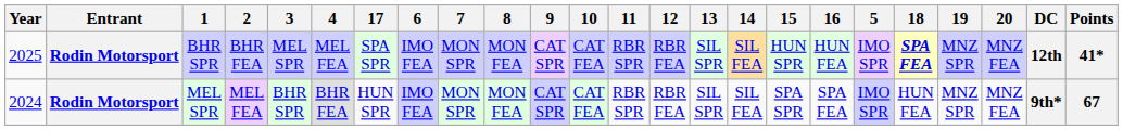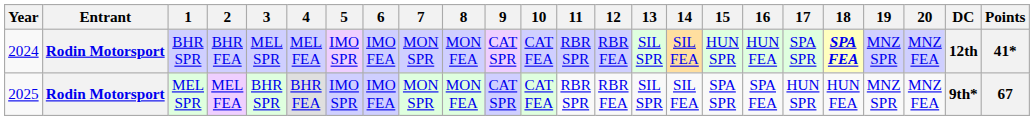 <table class="wikitable" style="text-align:center; font-size:85%;">
 <tr>
 <th>Year</th>
 <th>Entrant</th>
 <th>1</th>
 <th>2</th>
 <th>3</th>
 <th>4</th>
-<th>17</th>
+<th>5</th>
 <th>6</th>
 <th>7</th>
 <th>8</th>
 <th>9</th>
 <th>10</th>
 <th>11</th>
 <th>12</th>
 <th>13</th>
 <th>14</th>
 <th>15</th>
 <th>16</th>
-<th>5</th>
+<th>17</th>
 <th>18</th>
 <th>19</th>
 <th>20</th>
 <th>DC</th>
 <th>Points</th>
 </tr>
 <tr>
-<td><a href='#'>2025</a></td>
+<td><a href='#'>2024</a></td>
 <th nowrap><a href='#'>Rodin Motorsport</a></th>
 <td style="background:#CFCFFF;"><a href='#'>BHR<br>SPR</a><br></td>
 <td style="background:#CFCFFF;"><a href='#'>BHR<br>FEA</a><br></td>
 <td style="background:#CFCFFF;"><a href='#'>MEL<br>SPR</a><br></td>
 <td style="background:#CFCFFF;"><a href='#'>MEL<br>FEA</a><br></td>
-<td style="background:#DFFFDF;"><a href='#'>SPA<br>SPR</a><br></td>
+<td style="background:#EFCFFF;"><a href='#'>IMO<br>SPR</a><br></td>
 <td style="background:#CFCFFF;"><a href='#'>IMO<br>FEA</a><br></td>
 <td style="background:#CFCFFF;"><a href='#'>MON<br>SPR</a><br></td>
 <td style="background:#CFCFFF;"><a href='#'>MON<br>FEA</a><br></td>
 <td style="background:#EFCFFF;"><a href='#'>CAT<br>SPR</a><br></td>
 <td style="background:#CFCFFF;"><a href='#'>CAT<br>FEA</a><br></td>
 <td style="background:#CFCFFF;"><a href='#'>RBR<br>SPR</a><br></td>
 <td style="background:#CFCFFF;"><a href='#'>RBR<br>FEA</a><br></td>
 <td style="background:#DFFFDF;"><a href='#'>SIL<br>SPR</a><br></td>
 <td style="background:#FFDF9F;"><a href='#'>SIL<br>FEA</a><br></td>
 <td style="background:#DFFFDF;"><a href='#'>HUN<br>SPR</a><br></td>
 <td style="background:#DFFFDF;"><a href='#'>HUN<br>FEA</a><br></td>
-<td style="background:#EFCFFF;"><a href='#'>IMO<br>SPR</a><br></td>
+<td style="background:#DFFFDF;"><a href='#'>SPA<br>SPR</a><br></td>
 <td style="background:#FFFFBF;"><strong><em><a href='#'>SPA<br>FEA</a></em></strong><br></td>
 <td style="background:#CFCFFF;"><a href='#'>MNZ<br>SPR</a><br></td>
 <td style="background:#CFCFFF;"><a href='#'>MNZ<br>FEA</a><br></td>
 <th>12th</th>
 <th>41*</th>
 </tr>
 <tr>
-<td><a href='#'>2024</a></td>
+<td><a href='#'>2025</a></td>
 <th nowrap><a href='#'>Rodin Motorsport</a></th>
 <td style="background:#DFFFDF;"><a href='#'>MEL<br>SPR</a><br></td>
 <td style="background:#EFCFFF;"><a href='#'>MEL<br>FEA</a><br></td>
 <td style="background:#DFFFDF;"><a href='#'>BHR<br>SPR</a><br></td>
 <td style="background:#DFDFDF;"><a href='#'>BHR<br>FEA</a><br></td>
-<td style="background:#;"><a href='#'>HUN<br>SPR</a><br></td>
+<td style="background:#CFCFFF;"><a href='#'>IMO<br>SPR</a><br></td>
 <td style="background:#CFCFFF;"><a href='#'>IMO<br>FEA</a><br></td>
 <td style="background:#DFFFDF;"><a href='#'>MON<br>SPR</a><br></td>
 <td style="background:#DFFFDF;"><a href='#'>MON<br>FEA</a><br></td>
 <td style="background:#CFCFFF;"><a href='#'>CAT<br>SPR</a><br></td>
 <td style="background:#DFFFDF;"><a href='#'>CAT<br>FEA</a><br></td>
 <td style="background:#;"><a href='#'>RBR<br>SPR</a><br></td>
 <td style="background:#;"><a href='#'>RBR<br>FEA</a><br></td>
 <td style="background:#;"><a href='#'>SIL<br>SPR</a><br></td>
 <td style="background:#;"><a href='#'>SIL<br>FEA</a><br></td>
 <td style="background:#;"><a href='#'>SPA<br>SPR</a><br></td>
 <td style="background:#;"><a href='#'>SPA<br>FEA</a><br></td>
-<td style="background:#CFCFFF;"><a href='#'>IMO<br>SPR</a><br></td>
+<td style="background:#;"><a href='#'>HUN<br>SPR</a><br></td>
 <td style="background:#;"><a href='#'>HUN<br>FEA</a><br></td>
 <td style="background:#;"><a href='#'>MNZ<br>SPR</a><br></td>
 <td style="background:#;"><a href='#'>MNZ<br>FEA</a><br></td>
 <th>9th*</th>
 <th>67</th>
 </tr>
 </table>
